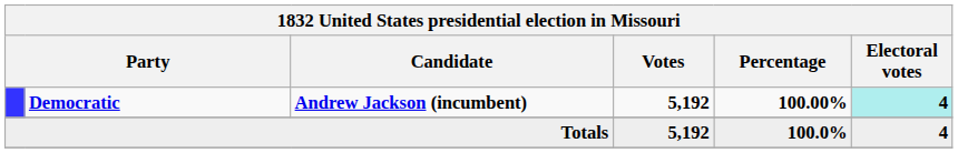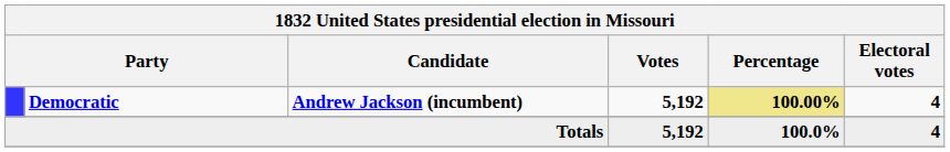 <table class="wikitable" style="font-size: 95%;">
 <tr>
 <th colspan="6">1832 United States presidential election in Missouri</th>
 </tr>
 <tr>
 <th colspan="2" style="width: 15em">Party</th>
 <th style="width: 17em">Candidate</th>
 <th style="width: 5em">Votes</th>
 <th style="width: 7em">Percentage</th>
 <th style="width: 5em">Electoral votes</th>
 </tr>
 <tr>
 <th style="background-color:#3333FF; width: 3px"></th>
 <td style="width: 130px"><strong><a href='#'>Democratic</a></strong></td>
 <td><strong><a href='#'>Andrew Jackson</a> (incumbent)</strong></td>
 <td align="right"><strong>5,192</strong></td>
-<td align="right"><strong>100.00%</strong></td>
-<td align="right" style="background: paleturquoise;"><strong>4</strong></td>
+<td align="right" style="background: khaki;"><strong>100.00%</strong></td>
+<td align="right"><strong>4</strong></td>
 </tr>
 <tr>
 </tr>
 <tr bgcolor="#EEEEEE">
 <td colspan="3" align="right"><strong>Totals</strong></td>
 <td align="right"><strong>5,192</strong></td>
 <td align="right"><strong>100.0%</strong></td>
 <td align="right"><strong>4</strong></td>
 </tr>
 <tr>
 </tr>
 </table>
